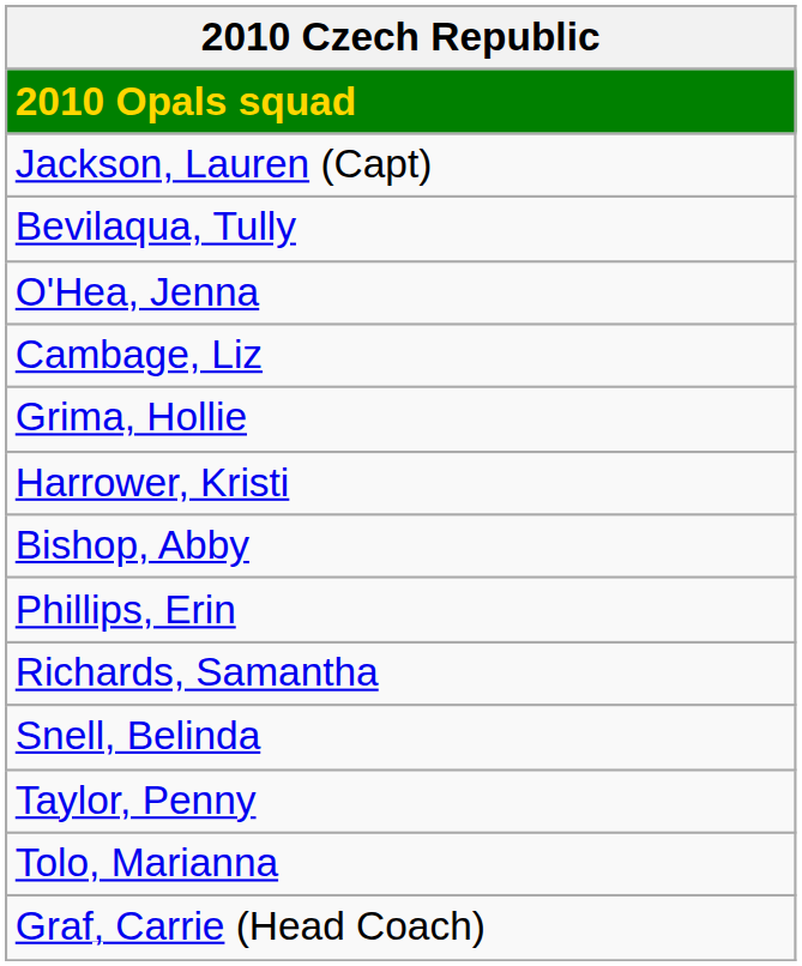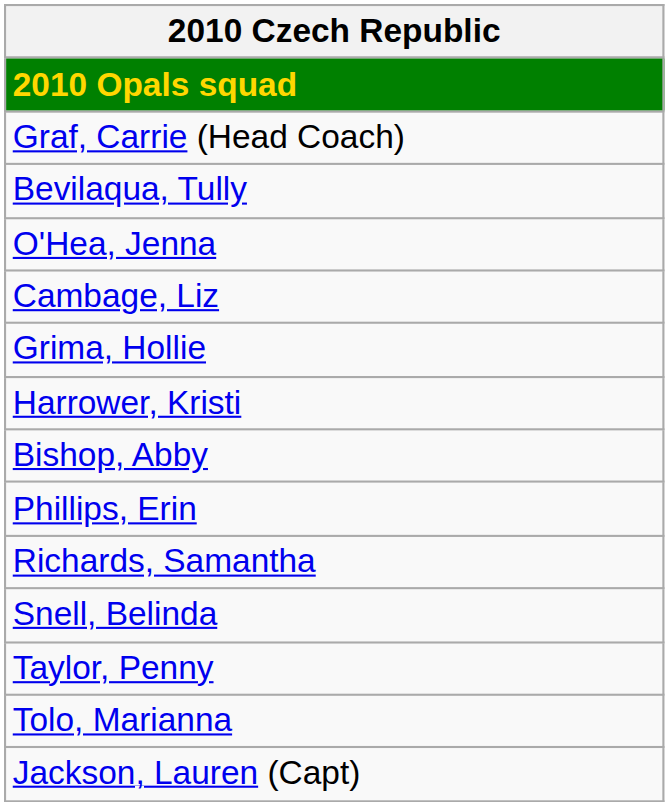 <table class="wikitable collapsible autocollapse" width=25%>
 <tr>
 <th>2010 Czech Republic</th>
 </tr>
 <tr>
 <td bgcolor=green style="color:gold; width:200px"><strong>2010 Opals squad</strong></td>
 </tr>
 <tr>
-<td><a href='#'>Jackson, Lauren</a> (Capt)</td>
+<td><a href='#'>Graf, Carrie</a> (Head Coach)</td>
 </tr>
 <tr>
 <td><a href='#'>Bevilaqua, Tully</a></td>
 </tr>
 <tr>
 <td><a href='#'>O'Hea, Jenna</a></td>
 </tr>
 <tr>
 <td><a href='#'>Cambage, Liz</a></td>
 </tr>
 <tr>
 <td><a href='#'>Grima, Hollie</a></td>
 </tr>
 <tr>
 <td><a href='#'>Harrower, Kristi</a></td>
 </tr>
 <tr>
 <td><a href='#'>Bishop, Abby</a></td>
 </tr>
 <tr>
 <td><a href='#'>Phillips, Erin</a></td>
 </tr>
 <tr>
 <td><a href='#'>Richards, Samantha</a></td>
 </tr>
 <tr>
 <td><a href='#'>Snell, Belinda</a></td>
 </tr>
 <tr>
 <td><a href='#'>Taylor, Penny</a></td>
 </tr>
 <tr>
 <td><a href='#'>Tolo, Marianna</a></td>
 </tr>
 <tr>
-<td><a href='#'>Graf, Carrie</a> (Head Coach)</td>
+<td><a href='#'>Jackson, Lauren</a> (Capt)</td>
 </tr>
 </table>
